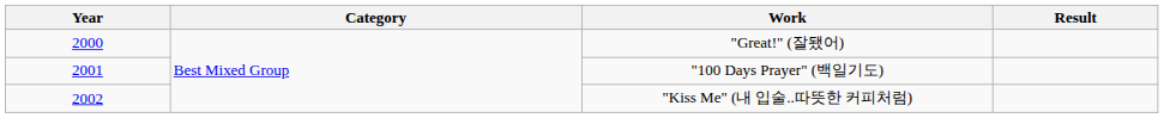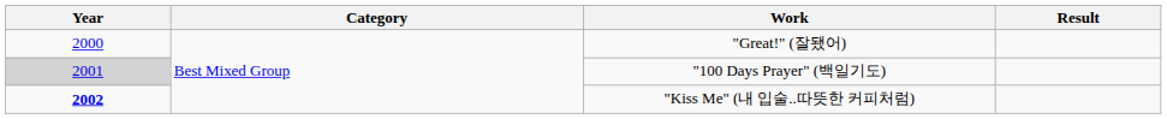 <table | width="75%" class="wikitable sortable">
 <tr>
 <th width="10%">Year</th>
 <th width="25%">Category</th>
 <th width="25%">Work</th>
 <th width="10%">Result</th>
 </tr>
 <tr>
 <td align=center><a href='#'>2000</a></td>
 <td rowspan=3><a href='#'>Best Mixed Group</a></td>
 <td align=center>"Great!" (잘됐어)</td>
 <td></td>
 </tr>
 <tr>
-<td align=center><a href='#'>2001</a></td>
+<td align=center style="background: lightgrey;"><a href='#'>2001</a></td>
 <td align=center>"100 Days Prayer" (백일기도)</td>
 <td></td>
 </tr>
 <tr>
-<td align="center"><a href='#'>2002</a></td>
+<td align="center"><strong><a href='#'>2002</a></strong></td>
 <td align="center">"Kiss Me" (내 입술..따뜻한 커피처럼)</td>
 <td></td>
 </tr>
 </table>
